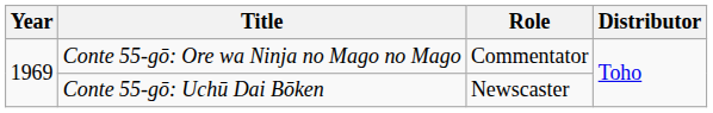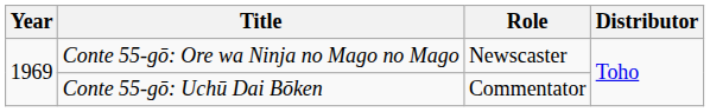 <table class="wikitable">
 <tr>
 <th>Year</th>
 <th>Title</th>
 <th>Role</th>
 <th>Distributor</th>
 </tr>
 <tr>
 <td rowspan="2">1969</td>
 <td><em>Conte 55-gō: Ore wa Ninja no Mago no Mago</em></td>
-<td>Commentator</td>
+<td>Newscaster</td>
 <td rowspan="2"><a href='#'>Toho</a></td>
 </tr>
 <tr>
 <td><em>Conte 55-gō: Uchū Dai Bōken</em></td>
-<td>Newscaster</td>
+<td>Commentator</td>
 </tr>
 </table>
